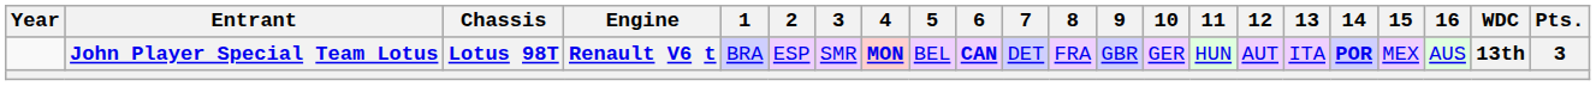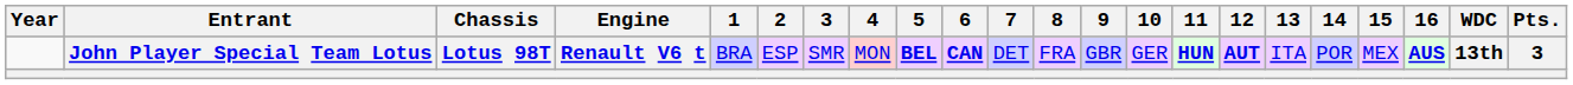 <table class="wikitable" style="text-align:center; font-size:85%">
 <tr>
 <th>Year</th>
 <th>Entrant</th>
 <th>Chassis</th>
 <th>Engine</th>
 <th>1</th>
 <th>2</th>
 <th>3</th>
 <th>4</th>
 <th>5</th>
 <th>6</th>
 <th>7</th>
 <th>8</th>
 <th>9</th>
 <th>10</th>
 <th>11</th>
 <th>12</th>
 <th>13</th>
 <th>14</th>
 <th>15</th>
 <th>16</th>
 <th>WDC</th>
 <th>Pts.</th>
 </tr>
 <tr>
 <td></td>
 <th nowrap><a href='#'>John Player Special</a> <a href='#'>Team Lotus</a></th>
 <th nowrap><a href='#'>Lotus</a> <a href='#'>98T</a></th>
 <th nowrap><a href='#'>Renault</a> <a href='#'>V6</a> <a href='#'>t</a></th>
 <td style="background:#CFCFFF;"><a href='#'>BRA</a><br></td>
 <td style="background:#EFCFFF;"><a href='#'>ESP</a><br></td>
 <td style="background:#EFCFFF;"><a href='#'>SMR</a><br></td>
-<td style="background:#FFCFCF;"><strong><a href='#'>MON</a><br></strong></td>
-<td style="background:#EFCFFF;"><a href='#'>BEL</a><br></td>
+<td style="background:#FFCFCF;"><a href='#'>MON</a><br></td>
+<td style="background:#EFCFFF;"><strong><a href='#'>BEL</a><br></strong></td>
 <td style="background:#EFCFFF;"><strong><a href='#'>CAN</a><br></strong></td>
 <td style="background:#CFCFFF;"><a href='#'>DET</a><br></td>
 <td style="background:#EFCFFF;"><a href='#'>FRA</a><br></td>
 <td style="background:#CFCFFF;"><a href='#'>GBR</a><br></td>
 <td style="background:#EFCFFF;"><a href='#'>GER</a><br></td>
-<td style="background:#DFFFDF;"><a href='#'>HUN</a><br></td>
-<td style="background:#EFCFFF;"><a href='#'>AUT</a><br></td>
+<td style="background:#DFFFDF;"><strong><a href='#'>HUN</a><br></strong></td>
+<td style="background:#EFCFFF;"><strong><a href='#'>AUT</a><br></strong></td>
 <td style="background:#EFCFFF;"><a href='#'>ITA</a><br></td>
-<td style="background:#CFCFFF;"><strong><a href='#'>POR</a><br></strong></td>
+<td style="background:#CFCFFF;"><a href='#'>POR</a><br></td>
 <td style="background:#EFCFFF;"><a href='#'>MEX</a><br></td>
-<td style="background:#DFFFDF;"><a href='#'>AUS</a><br></td>
+<td style="background:#DFFFDF;"><strong><a href='#'>AUS</a><br></strong></td>
 <th>13th</th>
 <th>3</th>
 </tr>
 <tr>
 <th colspan="22"></th>
 </tr>
 </table>
